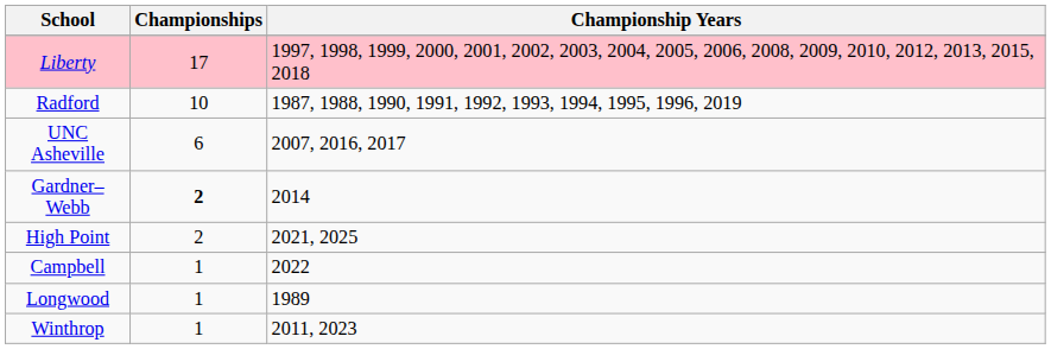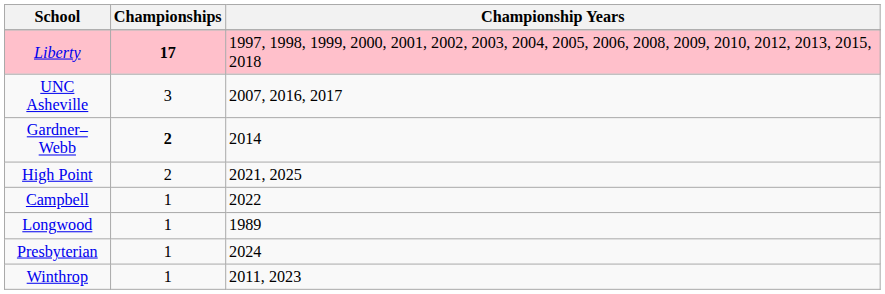 <table class="wikitable sortable" style="text-align:center">
 <tr>
 <th width=px>School</th>
 <th width=px>Championships</th>
 <th width=px>Championship Years</th>
 </tr>
 <tr>
 </tr>
 <tr bgcolor=pink>
 <td><em><a href='#'>Liberty</a></em></td>
-<td>17</td>
+<td><strong>17</strong></td>
 <td align=left>1997, 1998, 1999, 2000, 2001, 2002, 2003, 2004, 2005, 2006, 2008, 2009, 2010, 2012, 2013, 2015, 2018</td>
 </tr>
 <tr>
-<td><a href='#'>Radford</a></td>
-<td>10</td>
-<td align=left>1987, 1988, 1990, 1991, 1992, 1993, 1994, 1995, 1996, 2019</td>
-</tr>
-<tr>
 <td><a href='#'>UNC Asheville</a></td>
-<td>6</td>
+<td>3</td>
 <td align=left>2007, 2016, 2017</td>
 </tr>
 <tr>
 <td><a href='#'>Gardner–Webb</a></td>
 <td><strong>2</strong></td>
 <td align=left>2014</td>
 </tr>
 <tr>
 <td><a href='#'>High Point</a></td>
 <td>2</td>
 <td align="left">2021, 2025</td>
 </tr>
 <tr>
 <td><a href='#'>Campbell</a></td>
 <td>1</td>
 <td align="left">2022</td>
 </tr>
 <tr>
 <td><a href='#'>Longwood</a></td>
 <td>1</td>
 <td align=left>1989</td>
 </tr>
 <tr>
+<td><a href='#'>Presbyterian</a></td>
+<td>1</td>
+<td align=left>2024</td>
+</tr>
+<tr>
 <td><a href='#'>Winthrop</a></td>
 <td>1</td>
 <td align=left>2011, 2023</td>
 </tr>
 </table>
